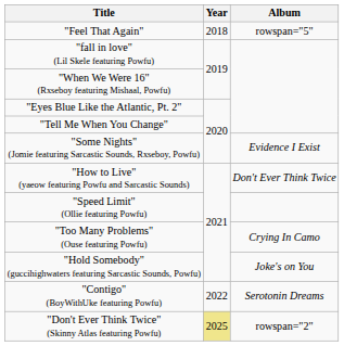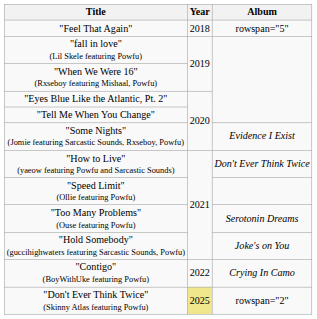 <table class="wikitable sortable plainrowheaders" style="text-align:center;">
 <tr>
 <th>Title</th>
 <th>Year</th>
 <th>Album</th>
 </tr>
 <tr>
 <td scope="row">"Feel That Again" </td>
 <td>2018</td>
 <td>rowspan="5" </td>
 </tr>
 <tr>
 <td>"fall in love"<br><small>(Lil Skele featuring Powfu)</small></td>
 <td rowspan="2">2019</td>
 </tr>
 <tr>
 <td>"When We Were 16"<br><small>(Rxseboy featuring Mishaal, Powfu)</small></td>
 </tr>
 <tr>
 <td scope="row">"Eyes Blue Like the Atlantic, Pt. 2"<br></td>
 <td rowspan="3">2020</td>
 </tr>
 <tr>
 <td scope="row">"Tell Me When You Change"<br></td>
 </tr>
 <tr>
 <td>"Some Nights"<br><small>(Jomie featuring Sarcastic Sounds, Rxseboy, Powfu)</small></td>
 <td><em>Evidence I Exist</em></td>
 </tr>
 <tr>
 <td>"How to Live"<br><small>(yaeow featuring Powfu and Sarcastic Sounds)</small></td>
 <td rowspan="4">2021</td>
 <td><em>Don't Ever Think Twice</em></td>
 </tr>
 <tr>
 <td>"Speed Limit"<br><small>(Ollie featuring Powfu)</small></td>
 </tr>
 <tr>
 <td>"Too Many Problems"<br><small>(Ouse featuring Powfu)</small></td>
-<td><em>Crying In Camo</em></td>
+<td><em>Serotonin Dreams</em></td>
 </tr>
 <tr>
 <td>"Hold Somebody"<br><small>(guccihighwaters featuring Sarcastic Sounds, Powfu)</small></td>
 <td><em>Joke's on You</em></td>
 </tr>
 <tr>
 <td>"Contigo"<br><small>(BoyWithUke featuring Powfu)</small></td>
 <td>2022</td>
-<td><em>Serotonin Dreams</em></td>
+<td><em>Crying In Camo</em></td>
 </tr>
 <tr>
 <td>"Don't Ever Think Twice"<br><small>(Skinny Atlas featuring Powfu)</small></td>
 <td style="background: khaki;">2025</td>
 <td>rowspan="2" </td>
 </tr>
 </table>
